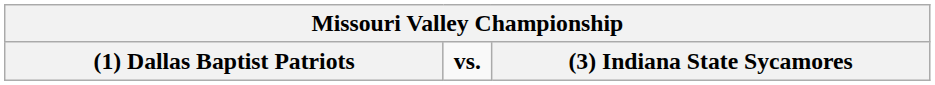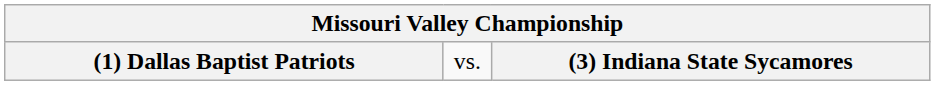 <table class="wikitable">
 <tr>
 <th style="width: 604px;" colspan=3>Missouri Valley Championship</th>
 </tr>
 <tr>
 <th style="width: 289px; ">(1) Dallas Baptist Patriots</th>
-<td style="width: 25px; text-align:center"><strong>vs.</strong></td>
+<td style="width: 25px; text-align:center">vs.</td>
 <th style="width: 289px; ">(3) Indiana State Sycamores</th>
 </tr>
 </table>
